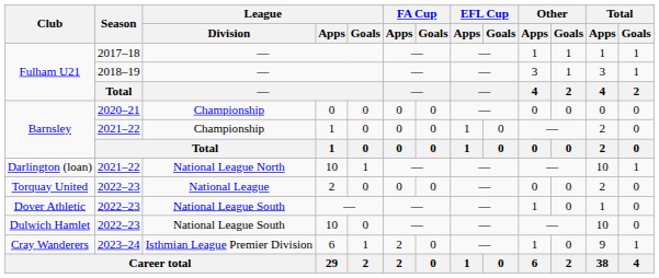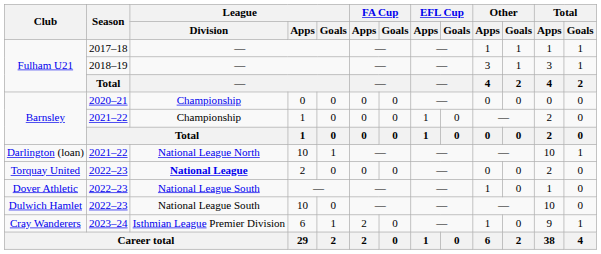 <table class="wikitable" style="text-align: center">
 <tr>
 <th rowspan="2">Club</th>
 <th rowspan="2">Season</th>
 <th colspan="3">League</th>
 <th colspan="2"><a href='#'>FA Cup</a></th>
 <th colspan="2"><a href='#'>EFL Cup</a></th>
 <th colspan="2">Other</th>
 <th colspan="2">Total</th>
 </tr>
 <tr>
 <th>Division</th>
 <th>Apps</th>
 <th>Goals</th>
 <th>Apps</th>
 <th>Goals</th>
 <th>Apps</th>
 <th>Goals</th>
 <th>Apps</th>
 <th>Goals</th>
 <th>Apps</th>
 <th>Goals</th>
 </tr>
 <tr>
 <td rowspan="3"><a href='#'>Fulham U21</a></td>
 <td>2017–18</td>
 <td colspan=3>—</td>
 <td colspan=2>—</td>
 <td colspan=2>—</td>
 <td>1</td>
 <td>1</td>
 <td>1</td>
 <td>1</td>
 </tr>
 <tr>
 <td>2018–19</td>
 <td colspan=3>—</td>
 <td colspan=2>—</td>
 <td colspan=2>—</td>
 <td>3</td>
 <td>1</td>
 <td>3</td>
 <td>1</td>
 </tr>
 <tr>
 <th colspan="1">Total</th>
 <th colspan=3>—</th>
 <th colspan=2>—</th>
 <th colspan=2>—</th>
 <th>4</th>
 <th>2</th>
 <th>4</th>
 <th>2</th>
 </tr>
 <tr>
 <td rowspan="3"><a href='#'>Barnsley</a></td>
 <td><a href='#'>2020–21</a></td>
 <td><a href='#'>Championship</a></td>
 <td>0</td>
 <td>0</td>
 <td>0</td>
 <td>0</td>
 <td colspan=2>—</td>
 <td>0</td>
 <td>0</td>
 <td>0</td>
 <td>0</td>
 </tr>
 <tr>
 <td><a href='#'>2021–22</a></td>
 <td>Championship</td>
 <td>1</td>
 <td>0</td>
 <td>0</td>
 <td>0</td>
 <td>1</td>
 <td>0</td>
 <td colspan=2>—</td>
 <td>2</td>
 <td>0</td>
 </tr>
 <tr>
 <th colspan="2">Total</th>
 <th>1</th>
 <th>0</th>
 <th>0</th>
 <th>0</th>
 <th>1</th>
 <th>0</th>
 <th>0</th>
 <th>0</th>
 <th>2</th>
 <th>0</th>
 </tr>
 <tr>
 <td><a href='#'>Darlington</a> (loan)</td>
 <td><a href='#'>2021–22</a></td>
 <td><a href='#'>National League North</a></td>
 <td>10</td>
 <td>1</td>
 <td colspan=2>—</td>
 <td colspan=2>—</td>
 <td colspan=2>—</td>
 <td>10</td>
 <td>1</td>
 </tr>
 <tr>
 <td><a href='#'>Torquay United</a></td>
 <td><a href='#'>2022–23</a></td>
-<td><a href='#'>National League</a></td>
+<td><strong><a href='#'>National League</a></strong></td>
 <td>2</td>
 <td>0</td>
 <td>0</td>
 <td>0</td>
 <td colspan=2>—</td>
 <td>0</td>
 <td>0</td>
 <td>2</td>
 <td>0</td>
 </tr>
 <tr>
 <td><a href='#'>Dover Athletic</a></td>
 <td><a href='#'>2022–23</a></td>
 <td><a href='#'>National League South</a></td>
 <td colspan=2>—</td>
 <td colspan=2>—</td>
 <td colspan=2>—</td>
 <td>1</td>
 <td>0</td>
 <td>1</td>
 <td>0</td>
 </tr>
 <tr>
 <td><a href='#'>Dulwich Hamlet</a></td>
 <td><a href='#'>2022–23</a></td>
 <td>National League South</td>
 <td>10</td>
 <td>0</td>
 <td colspan=2>—</td>
 <td colspan=2>—</td>
 <td colspan=2>—</td>
 <td>10</td>
 <td>0</td>
 </tr>
 <tr>
 <td><a href='#'>Cray Wanderers</a></td>
 <td><a href='#'>2023–24</a></td>
 <td><a href='#'>Isthmian League</a> Premier Division</td>
 <td>6</td>
 <td>1</td>
 <td>2</td>
 <td>0</td>
 <td colspan=2>—</td>
 <td>1</td>
 <td>0</td>
 <td>9</td>
 <td>1</td>
 </tr>
 <tr>
 <th colspan="3">Career total</th>
 <th>29</th>
 <th>2</th>
 <th>2</th>
 <th>0</th>
 <th>1</th>
 <th>0</th>
 <th>6</th>
 <th>2</th>
 <th>38</th>
 <th>4</th>
 </tr>
 </table>
